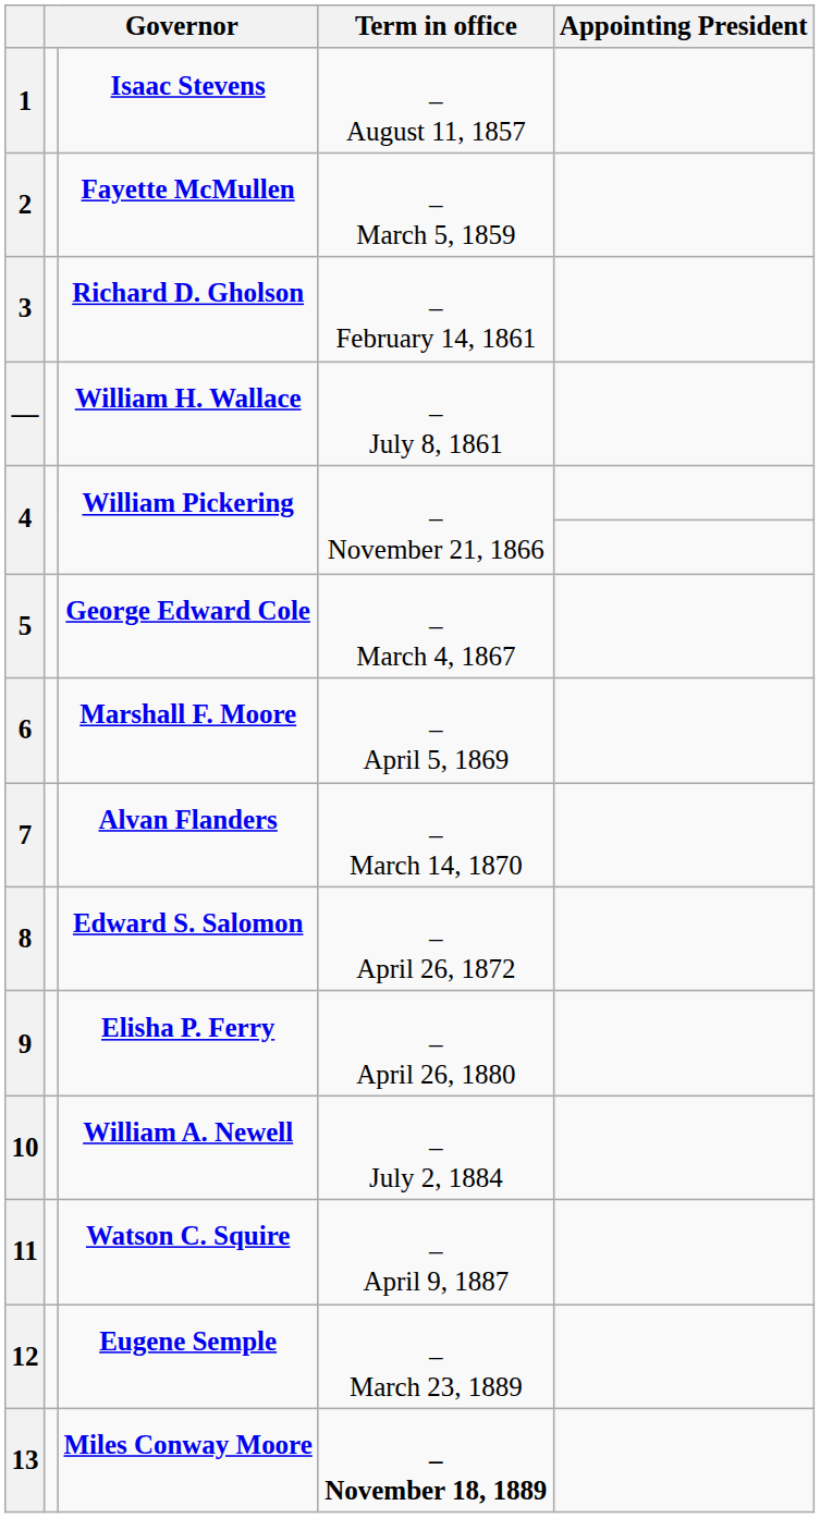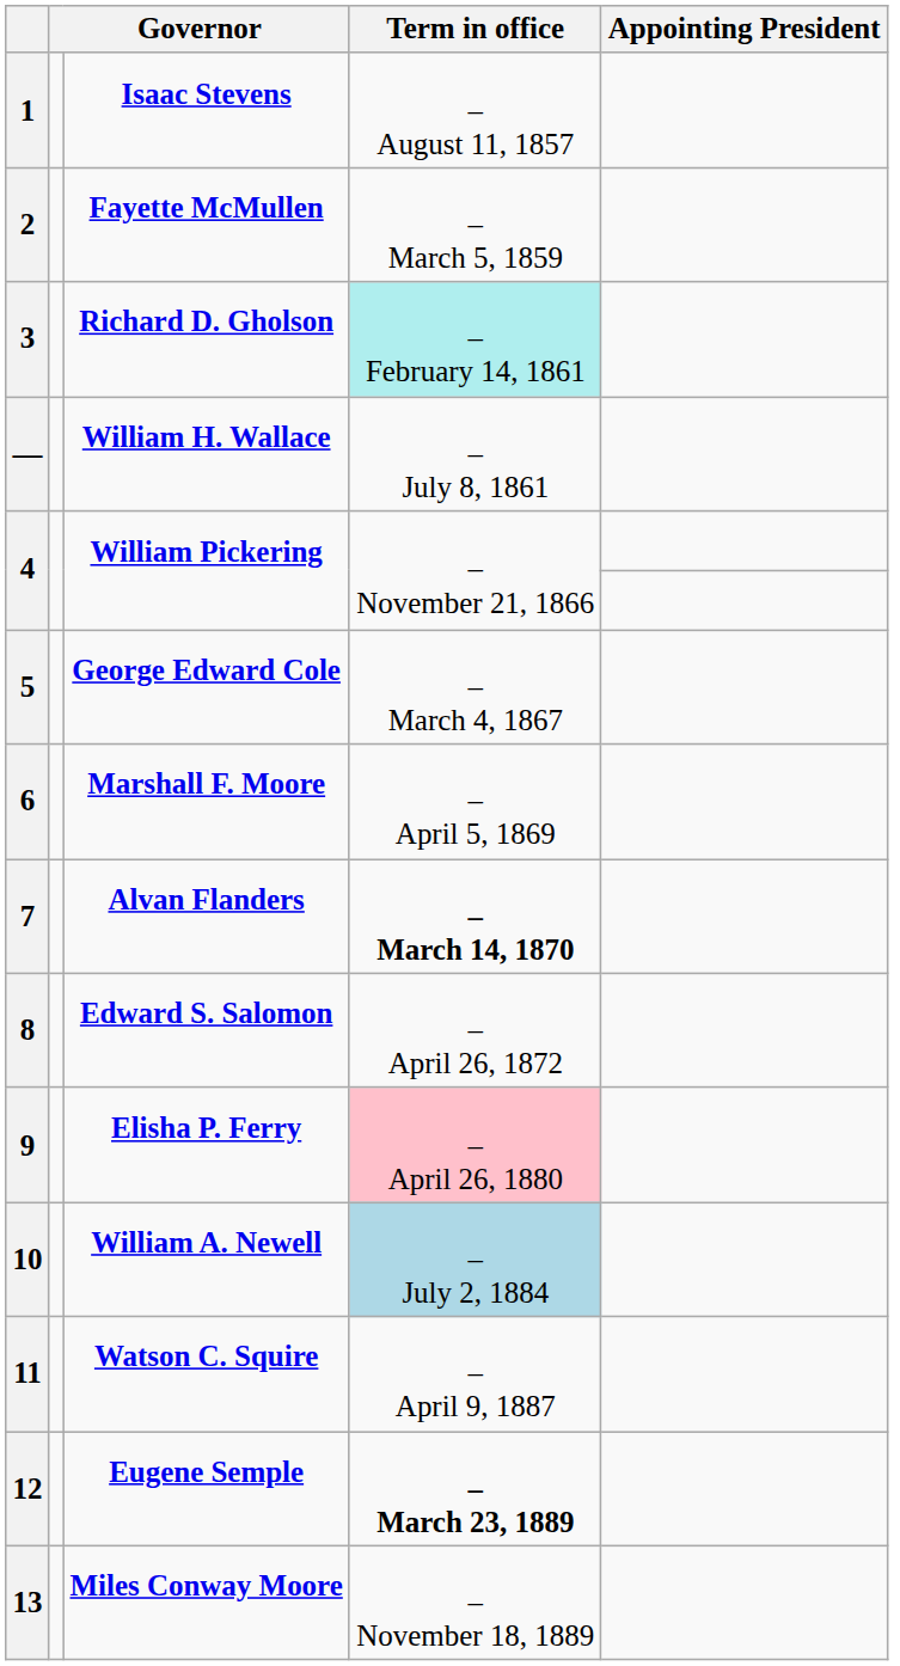 <table class="wikitable sortable" style="text-align:center;">
 <tr>
 <th scope="col" data-sort-type="number"></th>
 <th scope="colgroup" colspan="2">Governor</th>
 <th scope="col">Term in office</th>
 <th scope="col">Appointing President</th>
 </tr>
 <tr style="height:2em;">
 <th scope="row">1</th>
 <td data-sort-value="Stevens, Isaac"></td>
 <td><strong><a href='#'>Isaac Stevens</a></strong><br><br></td>
 <td><br>–<br>August 11, 1857<br></td>
 <td></td>
 </tr>
 <tr style="height:2em;">
 <th scope="row">2</th>
 <td data-sort-value="McMullen, Fayette"></td>
 <td><strong><a href='#'>Fayette McMullen</a></strong><br><br></td>
 <td><br>–<br>March 5, 1859<br></td>
 <td></td>
 </tr>
 <tr style="height:2em;">
 <th scope="row">3</th>
 <td data-sort-value="Gholson, Richard"></td>
 <td><strong><a href='#'>Richard D. Gholson</a></strong><br><br></td>
-<td><br>–<br>February 14, 1861<br></td>
+<td style="background: paleturquoise;"><br>–<br>February 14, 1861<br></td>
 <td></td>
 </tr>
 <tr style="height:2em;">
 <th scope="row">—</th>
 <td data-sort-value="Wallace, William"></td>
 <td><strong><a href='#'>William H. Wallace</a></strong><br><br></td>
 <td><br>–<br>July 8, 1861<br></td>
 <td></td>
 </tr>
 <tr style="height:2em;">
 <th rowspan="2" scope="rowgroup">4</th>
 <td rowspan="2" data-sort-value="Pickering, William"></td>
 <td rowspan="2"><strong><a href='#'>William Pickering</a></strong><br><br></td>
 <td rowspan="2"><br>–<br>November 21, 1866<br></td>
 <td></td>
 </tr>
 <tr style="height:2em;">
 <td></td>
 </tr>
 <tr style="height:2em;">
 <th scope="row">5</th>
 <td data-sort-value="Cole, George"></td>
 <td><strong><a href='#'>George Edward Cole</a></strong><br><br></td>
 <td><br>–<br>March 4, 1867<br></td>
 <td></td>
 </tr>
 <tr style="height:2em;">
 <th scope="row">6</th>
 <td data-sort-value="Moore, Marshall"></td>
 <td><strong><a href='#'>Marshall F. Moore</a></strong><br><br></td>
 <td><br>–<br>April 5, 1869<br></td>
 <td></td>
 </tr>
 <tr style="height:2em;">
 <th scope="row">7</th>
 <td data-sort-value="Flanders, Alvan"></td>
 <td><strong><a href='#'>Alvan Flanders</a></strong><br><br></td>
-<td><br>–<br>March 14, 1870<br></td>
+<td><strong><br>–<br>March 14, 1870<br></strong></td>
 <td></td>
 </tr>
 <tr style="height:2em;">
 <th scope="row">8</th>
 <td data-sort-value="Salomon, Edward"></td>
 <td><strong><a href='#'>Edward S. Salomon</a></strong><br><br></td>
 <td><br>–<br>April 26, 1872<br></td>
 <td></td>
 </tr>
 <tr style="height:2em;">
 <th scope="row">9</th>
 <td data-sort-value="Ferry, Elisha"></td>
 <td><strong><a href='#'>Elisha P. Ferry</a></strong><br><br></td>
-<td><br>–<br>April 26, 1880<br></td>
+<td style="background: pink;"><br>–<br>April 26, 1880<br></td>
 <td></td>
 </tr>
 <tr style="height:2em;">
 <th scope="row">10</th>
 <td data-sort-value="Newell, William"></td>
 <td><strong><a href='#'>William A. Newell</a></strong><br><br></td>
-<td><br>–<br>July 2, 1884<br></td>
+<td style="background: lightblue;"><br>–<br>July 2, 1884<br></td>
 <td></td>
 </tr>
 <tr style="height:2em;">
 <th scope="row">11</th>
 <td data-sort-value="Squire, Watson"></td>
 <td><strong><a href='#'>Watson C. Squire</a></strong><br><br></td>
 <td><br>–<br>April 9, 1887<br></td>
 <td></td>
 </tr>
 <tr style="height:2em;">
 <th scope="row">12</th>
 <td data-sort-value="Semple, Eugene"></td>
 <td><strong><a href='#'>Eugene Semple</a></strong><br><br></td>
-<td><br>–<br>March 23, 1889<br></td>
+<td><strong><br>–<br>March 23, 1889<br></strong></td>
 <td></td>
 </tr>
 <tr style="height:2em;">
 <th scope="row">13</th>
 <td data-sort-value="Moore, Miles"></td>
 <td><strong><a href='#'>Miles Conway Moore</a></strong><br><br></td>
-<td><strong><br>–<br>November 18, 1889<br></strong></td>
+<td><br>–<br>November 18, 1889<br></td>
 <td></td>
 </tr>
 </table>
